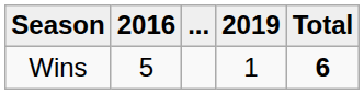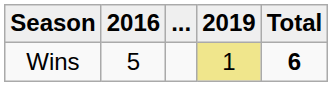 <table class="wikitable sortable">
 <tr style=background:#efefef;font-weight:bold>
 <td>Season</td>
 <td>2016</td>
 <td>...</td>
 <td>2019</td>
 <td><strong>Total</strong></td>
 </tr>
 <tr align="center">
 <td>Wins</td>
 <td>5</td>
 <td></td>
-<td>1</td>
+<td style="background: khaki;">1</td>
 <td><strong>6</strong></td>
 </tr>
 </table>
